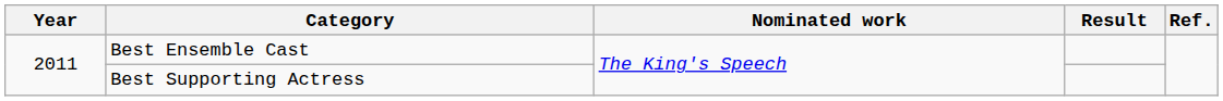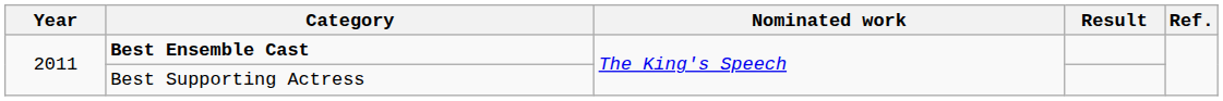 <table class=wikitable>
 <tr>
 <th scope="col" style="width:5em;">Year</th>
 <th scope="col" style="width:26em;">Category</th>
 <th scope="col" style="width:25em;">Nominated work</th>
 <th scope="col" style="width:5em;">Result</th>
 <th>Ref.</th>
 </tr>
 <tr>
 <td style="text-align:center;", rowspan=2>2011</td>
-<td>Best Ensemble Cast</td>
+<td><strong>Best Ensemble Cast</strong></td>
 <td rowspan="2"><em><a href='#'>The King's Speech</a></em></td>
 <td></td>
 <td rowspan=2></td>
 </tr>
 <tr>
 <td>Best Supporting Actress</td>
 <td></td>
 </tr>
 </table>
